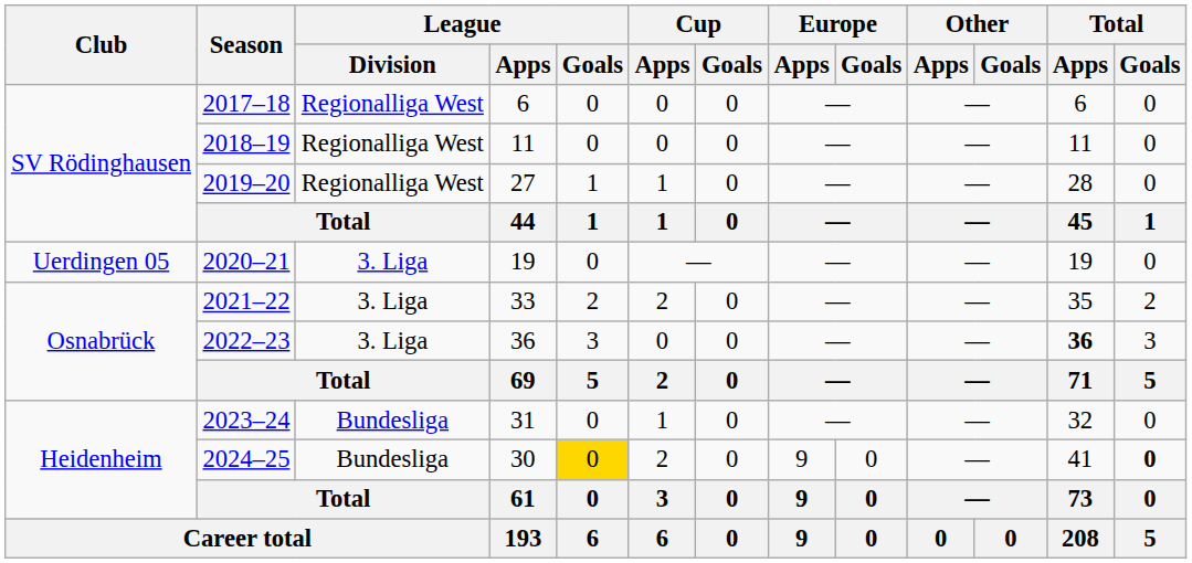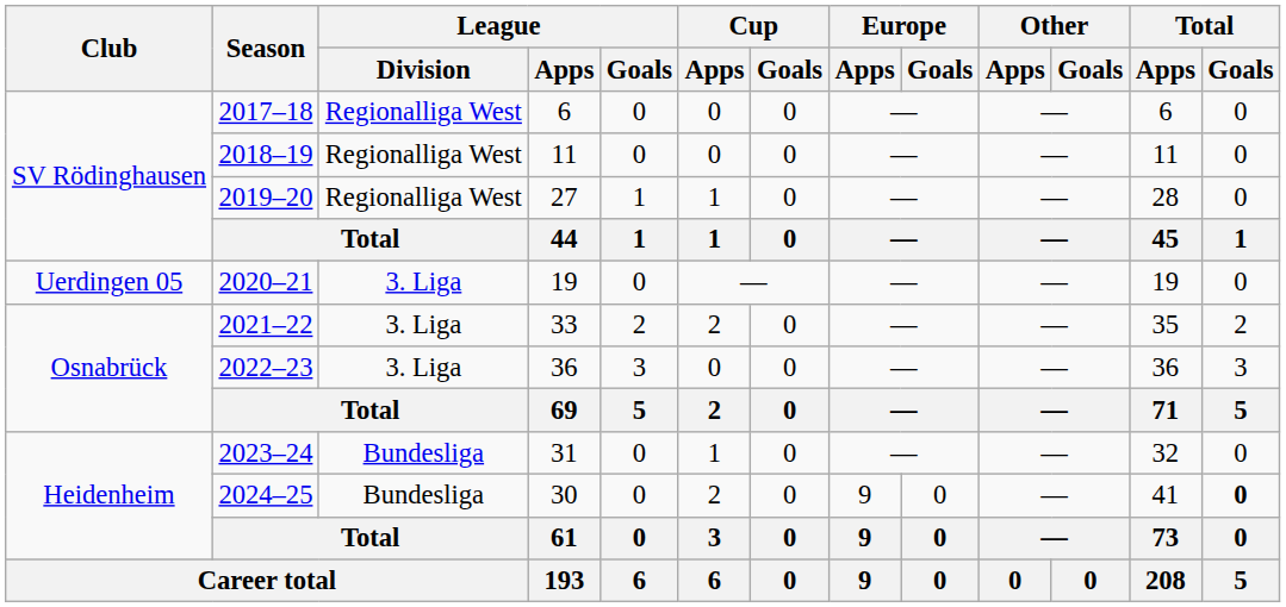 <table class="wikitable" style="text-align:center">
 <tr>
 <th rowspan="2">Club</th>
 <th rowspan="2">Season</th>
 <th colspan="3">League</th>
 <th colspan="2">Cup</th>
 <th colspan="2">Europe</th>
 <th colspan="2">Other</th>
 <th colspan="2">Total</th>
 </tr>
 <tr>
 <th>Division</th>
 <th>Apps</th>
 <th>Goals</th>
 <th>Apps</th>
 <th>Goals</th>
 <th>Apps</th>
 <th>Goals</th>
 <th>Apps</th>
 <th>Goals</th>
 <th>Apps</th>
 <th>Goals</th>
 </tr>
 <tr>
 <td rowspan="4"><a href='#'>SV Rödinghausen</a></td>
 <td><a href='#'>2017–18</a></td>
 <td><a href='#'>Regionalliga West</a></td>
 <td>6</td>
 <td>0</td>
 <td>0</td>
 <td>0</td>
 <td colspan="2">—</td>
 <td colspan="2">—</td>
 <td>6</td>
 <td>0</td>
 </tr>
 <tr>
 <td><a href='#'>2018–19</a></td>
 <td>Regionalliga West</td>
 <td>11</td>
 <td>0</td>
 <td>0</td>
 <td>0</td>
 <td colspan="2">—</td>
 <td colspan="2">—</td>
 <td>11</td>
 <td>0</td>
 </tr>
 <tr>
 <td><a href='#'>2019–20</a></td>
 <td>Regionalliga West</td>
 <td>27</td>
 <td>1</td>
 <td>1</td>
 <td>0</td>
 <td colspan="2">—</td>
 <td colspan="2">—</td>
 <td>28</td>
 <td>0</td>
 </tr>
 <tr>
 <th colspan="2">Total</th>
 <th>44</th>
 <th>1</th>
 <th>1</th>
 <th>0</th>
 <th colspan="2">—</th>
 <th colspan="2">—</th>
 <th>45</th>
 <th>1</th>
 </tr>
 <tr>
 <td><a href='#'>Uerdingen 05</a></td>
 <td><a href='#'>2020–21</a></td>
 <td><a href='#'>3. Liga</a></td>
 <td>19</td>
 <td>0</td>
 <td colspan="2">—</td>
 <td colspan="2">—</td>
 <td colspan="2">—</td>
 <td>19</td>
 <td>0</td>
 </tr>
 <tr>
 <td rowspan="3"><a href='#'>Osnabrück</a></td>
 <td><a href='#'>2021–22</a></td>
 <td>3. Liga</td>
 <td>33</td>
 <td>2</td>
 <td>2</td>
 <td>0</td>
 <td colspan="2">—</td>
 <td colspan="2">—</td>
 <td>35</td>
 <td>2</td>
 </tr>
 <tr>
 <td><a href='#'>2022–23</a></td>
 <td>3. Liga</td>
 <td>36</td>
 <td>3</td>
 <td>0</td>
 <td>0</td>
 <td colspan="2">—</td>
 <td colspan="2">—</td>
-<td><strong>36</strong></td>
+<td>36</td>
 <td>3</td>
 </tr>
 <tr>
 <th colspan="2">Total</th>
 <th>69</th>
 <th>5</th>
 <th>2</th>
 <th>0</th>
 <th colspan="2">—</th>
 <th colspan="2">—</th>
 <th>71</th>
 <th>5</th>
 </tr>
 <tr>
 <td rowspan="3"><a href='#'>Heidenheim</a></td>
 <td><a href='#'>2023–24</a></td>
 <td><a href='#'>Bundesliga</a></td>
 <td>31</td>
 <td>0</td>
 <td>1</td>
 <td>0</td>
 <td colspan="2">—</td>
 <td colspan="2">—</td>
 <td>32</td>
 <td>0</td>
 </tr>
 <tr>
 <td><a href='#'>2024–25</a></td>
 <td>Bundesliga</td>
 <td>30</td>
-<td style="background: gold;">0</td>
+<td>0</td>
 <td>2</td>
 <td>0</td>
 <td>9</td>
 <td>0</td>
 <td colspan="2">—</td>
 <td>41</td>
 <td><strong>0</strong></td>
 </tr>
 <tr>
 <th colspan="2">Total</th>
 <th>61</th>
 <th>0</th>
 <th>3</th>
 <th>0</th>
 <th>9</th>
 <th>0</th>
 <th colspan="2">—</th>
 <th>73</th>
 <th>0</th>
 </tr>
 <tr>
 <th colspan="3">Career total</th>
 <th>193</th>
 <th>6</th>
 <th>6</th>
 <th>0</th>
 <th>9</th>
 <th>0</th>
 <th>0</th>
 <th>0</th>
 <th>208</th>
 <th>5</th>
 </tr>
 </table>
